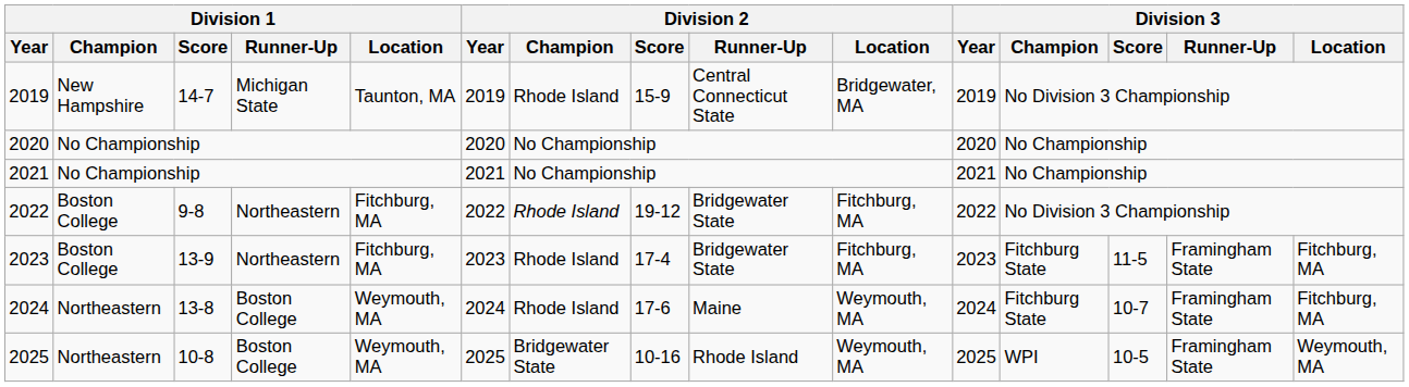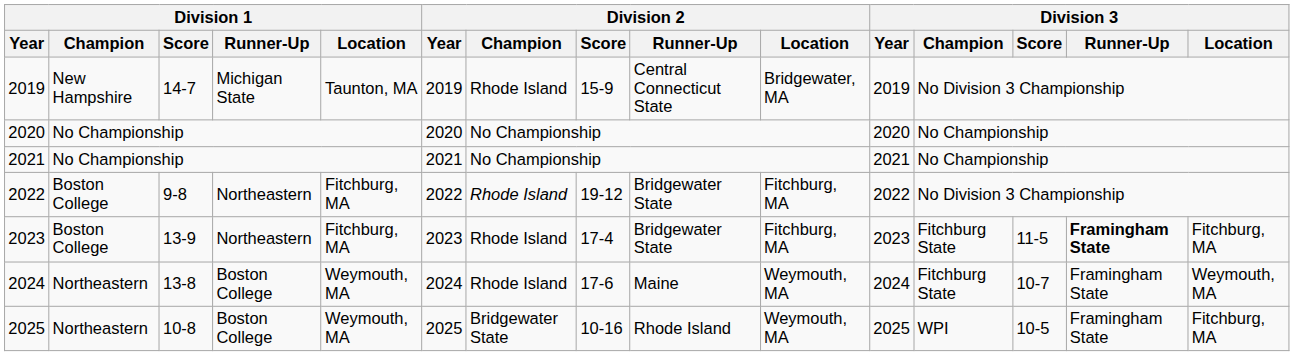 <table class="wikitable">
 <tr>
 <th colspan=5>Division 1</th>
 <th colspan=5>Division 2</th>
 <th colspan=5>Division 3</th>
 </tr>
 <tr>
 <th>Year</th>
 <th>Champion</th>
 <th>Score</th>
 <th>Runner-Up</th>
 <th>Location</th>
 <th>Year</th>
 <th>Champion</th>
 <th>Score</th>
 <th>Runner-Up</th>
 <th>Location</th>
 <th>Year</th>
 <th>Champion</th>
 <th>Score</th>
 <th>Runner-Up</th>
 <th>Location</th>
 </tr>
 <tr>
 <td>2019</td>
 <td>New Hampshire</td>
 <td>14-7</td>
 <td>Michigan State</td>
 <td>Taunton, MA</td>
 <td>2019</td>
 <td>Rhode Island</td>
 <td>15-9</td>
 <td>Central Connecticut State</td>
 <td>Bridgewater, MA</td>
 <td>2019</td>
 <td colspan="4">No Division 3 Championship</td>
 </tr>
 <tr>
 <td>2020</td>
 <td colspan="4">No Championship</td>
 <td>2020</td>
 <td colspan="4">No Championship</td>
 <td>2020</td>
 <td colspan="4">No Championship</td>
 </tr>
 <tr>
 <td>2021</td>
 <td colspan="4">No Championship</td>
 <td>2021</td>
 <td colspan="4">No Championship</td>
 <td>2021</td>
 <td colspan="4">No Championship</td>
 </tr>
 <tr>
 <td>2022</td>
 <td>Boston College</td>
 <td>9-8</td>
 <td>Northeastern</td>
 <td>Fitchburg, MA</td>
 <td>2022</td>
 <td><em>Rhode Island</em></td>
 <td>19-12</td>
 <td>Bridgewater State</td>
 <td>Fitchburg, MA</td>
 <td>2022</td>
 <td colspan="4">No Division 3 Championship</td>
 </tr>
 <tr>
 <td>2023</td>
 <td>Boston College</td>
 <td>13-9</td>
 <td>Northeastern</td>
 <td>Fitchburg, MA</td>
 <td>2023</td>
 <td>Rhode Island</td>
 <td>17-4</td>
 <td>Bridgewater State</td>
 <td>Fitchburg, MA</td>
 <td>2023</td>
 <td>Fitchburg State</td>
 <td>11-5</td>
-<td>Framingham State</td>
+<td><strong>Framingham State</strong></td>
 <td>Fitchburg, MA</td>
 </tr>
 <tr>
 <td>2024</td>
 <td>Northeastern</td>
 <td>13-8</td>
 <td>Boston College</td>
 <td>Weymouth, MA</td>
 <td>2024</td>
 <td>Rhode Island</td>
 <td>17-6</td>
 <td>Maine</td>
 <td>Weymouth, MA</td>
 <td>2024</td>
 <td>Fitchburg State</td>
 <td>10-7</td>
 <td>Framingham State</td>
-<td>Fitchburg, MA</td>
+<td>Weymouth, MA</td>
 </tr>
 <tr>
 <td>2025</td>
 <td>Northeastern</td>
 <td>10-8</td>
 <td>Boston College</td>
 <td>Weymouth, MA</td>
 <td>2025</td>
 <td>Bridgewater State</td>
 <td>10-16</td>
 <td>Rhode Island</td>
 <td>Weymouth, MA</td>
 <td>2025</td>
 <td>WPI</td>
 <td>10-5</td>
 <td>Framingham State</td>
-<td>Weymouth, MA</td>
+<td>Fitchburg, MA</td>
 </tr>
 </table>
